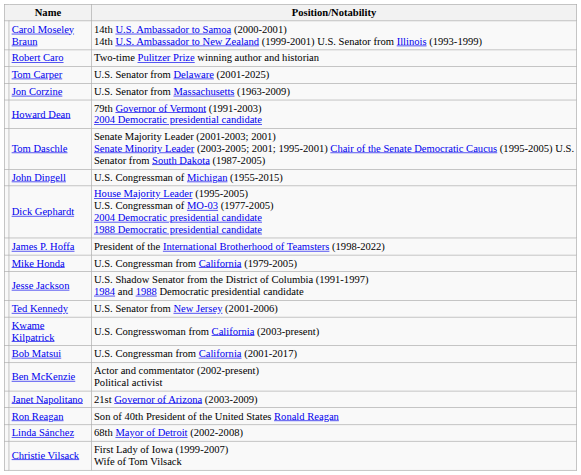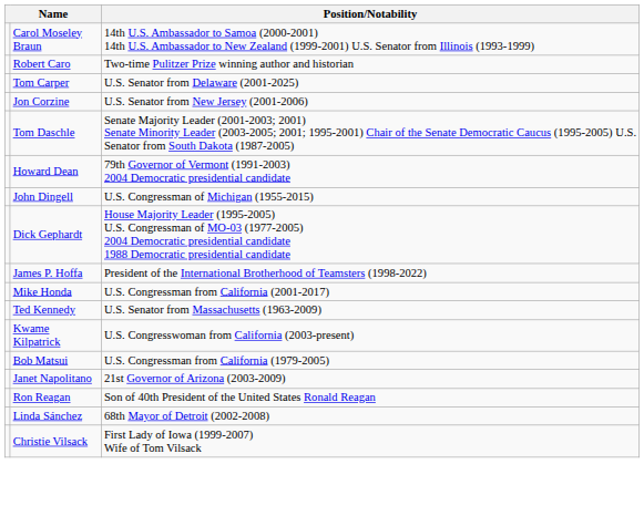 <table class="wikitable">
 <tr>
 <th colspan="2">Name</th>
 <th>Position/Notability</th>
 </tr>
 <tr>
 <td></td>
 <td><a href='#'>Carol Moseley Braun</a></td>
 <td>14th <a href='#'>U.S. Ambassador to Samoa</a> (2000-2001)<br>14th <a href='#'>U.S. Ambassador to New Zealand</a> (1999-2001) U.S. Senator from <a href='#'>Illinois</a> (1993-1999)</td>
 </tr>
 <tr>
 <td></td>
 <td><a href='#'>Robert Caro</a></td>
 <td>Two-time <a href='#'>Pulitzer Prize</a> winning author and historian</td>
 </tr>
 <tr>
 <td></td>
 <td><a href='#'>Tom Carper</a></td>
 <td>U.S. Senator from <a href='#'>Delaware</a> (2001-2025)</td>
 </tr>
 <tr>
 <td></td>
 <td><a href='#'>Jon Corzine</a></td>
-<td>U.S. Senator from <a href='#'>Massachusetts</a> (1963-2009)</td>
+<td>U.S. Senator from <a href='#'>New Jersey</a> (2001-2006)</td>
+</tr>
+<tr>
+<td></td>
+<td><a href='#'>Tom Daschle</a></td>
+<td>Senate Majority Leader (2001-2003; 2001)<br><a href='#'>Senate Minority Leader</a> (2003-2005; 2001; 1995-2001) <a href='#'>Chair of the Senate Democratic Caucus</a> (1995-2005) U.S. Senator from <a href='#'>South Dakota</a> (1987-2005)</td>
 </tr>
 <tr>
 <td></td>
 <td><a href='#'>Howard Dean</a></td>
 <td>79th <a href='#'>Governor of Vermont</a> (1991-2003)<br><a href='#'>2004 Democratic presidential candidate</a></td>
-</tr>
-<tr>
-<td></td>
-<td><a href='#'>Tom Daschle</a></td>
-<td>Senate Majority Leader (2001-2003; 2001)<br><a href='#'>Senate Minority Leader</a> (2003-2005; 2001; 1995-2001) <a href='#'>Chair of the Senate Democratic Caucus</a> (1995-2005) U.S. Senator from <a href='#'>South Dakota</a> (1987-2005)</td>
 </tr>
 <tr>
 <td></td>
 <td><a href='#'>John Dingell</a></td>
 <td>U.S. Congressman of <a href='#'>Michigan</a> (1955-2015)</td>
 </tr>
 <tr>
 <td></td>
 <td><a href='#'>Dick Gephardt</a></td>
 <td><a href='#'>House Majority Leader</a> (1995-2005)<br>U.S. Congressman of <a href='#'>MO-03</a> (1977-2005)<br><a href='#'>2004 Democratic presidential candidate</a><br><a href='#'>1988 Democratic presidential candidate</a></td>
 </tr>
 <tr>
 <td></td>
 <td><a href='#'>James P. Hoffa</a></td>
 <td>President of the <a href='#'>International Brotherhood of Teamsters</a> (1998-2022)</td>
 </tr>
 <tr>
 <td></td>
 <td><a href='#'>Mike Honda</a></td>
-<td>U.S. Congressman from <a href='#'>California</a> (1979-2005)</td>
-</tr>
-<tr>
-<td></td>
-<td><a href='#'>Jesse Jackson</a></td>
-<td>U.S. Shadow Senator from the District of Columbia (1991-1997)<br><a href='#'>1984</a> and <a href='#'>1988</a> Democratic presidential candidate</td>
+<td>U.S. Congressman from <a href='#'>California</a> (2001-2017)</td>
 </tr>
 <tr>
 <td></td>
 <td><a href='#'>Ted Kennedy</a></td>
-<td>U.S. Senator from <a href='#'>New Jersey</a> (2001-2006)</td>
+<td>U.S. Senator from <a href='#'>Massachusetts</a> (1963-2009)</td>
 </tr>
 <tr>
 <td></td>
 <td><a href='#'>Kwame Kilpatrick</a></td>
 <td>U.S. Congresswoman from <a href='#'>California</a> (2003-present)</td>
 </tr>
 <tr>
 <td></td>
 <td><a href='#'>Bob Matsui</a></td>
-<td>U.S. Congressman from <a href='#'>California</a> (2001-2017)</td>
-</tr>
-<tr>
-<td></td>
-<td><a href='#'>Ben McKenzie</a></td>
-<td>Actor and commentator (2002-present)<br>Political activist</td>
+<td>U.S. Congressman from <a href='#'>California</a> (1979-2005)</td>
 </tr>
 <tr>
 <td></td>
 <td><a href='#'>Janet Napolitano</a></td>
 <td>21st <a href='#'>Governor of Arizona</a> (2003-2009)</td>
 </tr>
 <tr>
 <td></td>
 <td><a href='#'>Ron Reagan</a></td>
 <td>Son of 40th President of the United States <a href='#'>Ronald Reagan</a></td>
 </tr>
 <tr>
 <td></td>
 <td><a href='#'>Linda Sánchez</a></td>
 <td>68th <a href='#'>Mayor of Detroit</a> (2002-2008)</td>
 </tr>
 <tr>
 <td></td>
 <td><a href='#'>Christie Vilsack</a></td>
 <td>First Lady of Iowa (1999-2007)<br>Wife of Tom Vilsack</td>
 </tr>
 </table>
